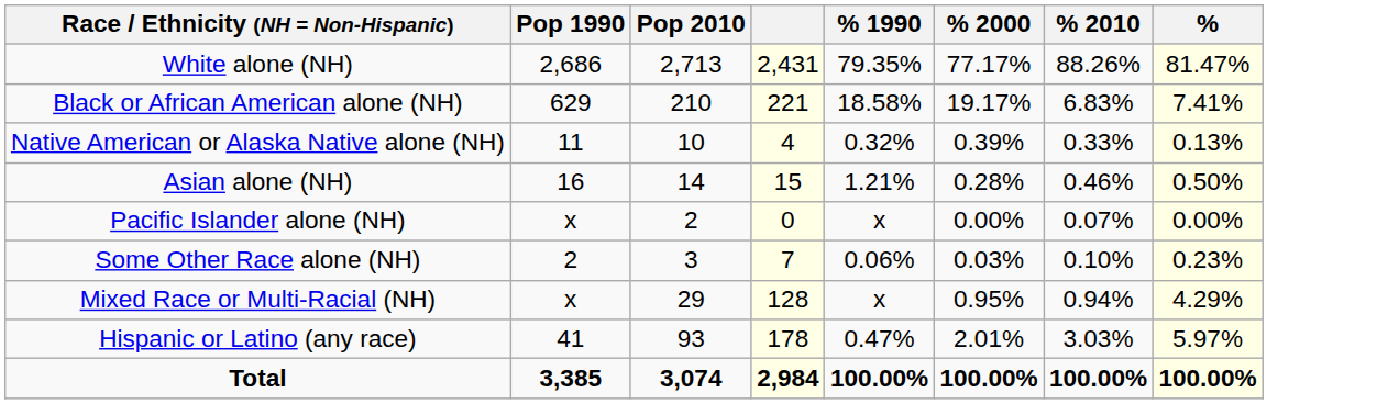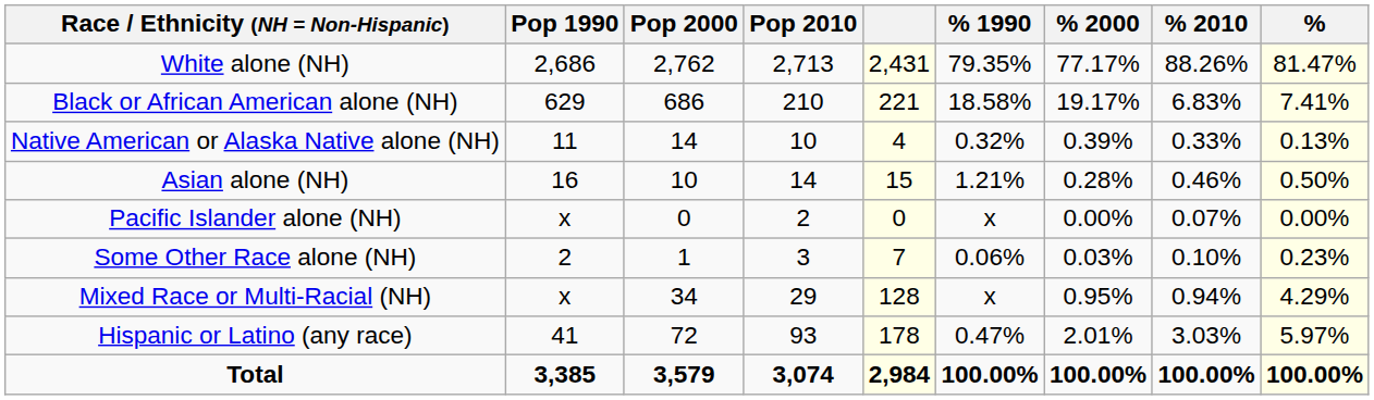 <table class="wikitable" style="text-align:center;">
 <tr>
 <th>Race / Ethnicity <small>(<em>NH = Non-Hispanic</em>)</small></th>
 <th>Pop 1990</th>
+<th>Pop 2000</th>
 <th>Pop 2010</th>
 <th></th>
 <th>% 1990</th>
 <th>% 2000</th>
 <th>% 2010</th>
 <th>% </th>
 </tr>
 <tr>
 <td><a href='#'>White</a> alone (NH)</td>
 <td>2,686</td>
+<td>2,762</td>
 <td>2,713</td>
 <td style='background: #ffffe6;'>2,431</td>
 <td>79.35%</td>
 <td>77.17%</td>
 <td>88.26%</td>
 <td style='background: #ffffe6;'>81.47%</td>
 </tr>
 <tr>
 <td><a href='#'>Black or African American</a> alone (NH)</td>
 <td>629</td>
+<td>686</td>
 <td>210</td>
 <td style='background: #ffffe6;'>221</td>
 <td>18.58%</td>
 <td>19.17%</td>
 <td>6.83%</td>
 <td style='background: #ffffe6;'>7.41%</td>
 </tr>
 <tr>
 <td><a href='#'>Native American</a> or <a href='#'>Alaska Native</a> alone (NH)</td>
 <td>11</td>
+<td>14</td>
 <td>10</td>
 <td style='background: #ffffe6;'>4</td>
 <td>0.32%</td>
 <td>0.39%</td>
 <td>0.33%</td>
 <td style='background: #ffffe6;'>0.13%</td>
 </tr>
 <tr>
 <td><a href='#'>Asian</a> alone (NH)</td>
 <td>16</td>
+<td>10</td>
 <td>14</td>
 <td style='background: #ffffe6;'>15</td>
 <td>1.21%</td>
 <td>0.28%</td>
 <td>0.46%</td>
 <td style='background: #ffffe6;'>0.50%</td>
 </tr>
 <tr>
 <td><a href='#'>Pacific Islander</a> alone (NH)</td>
 <td>x</td>
+<td>0</td>
 <td>2</td>
 <td style='background: #ffffe6;'>0</td>
 <td>x</td>
 <td>0.00%</td>
 <td>0.07%</td>
 <td style='background: #ffffe6;'>0.00%</td>
 </tr>
 <tr>
 <td><a href='#'>Some Other Race</a> alone (NH)</td>
 <td>2</td>
+<td>1</td>
 <td>3</td>
 <td style='background: #ffffe6;'>7</td>
 <td>0.06%</td>
 <td>0.03%</td>
 <td>0.10%</td>
 <td style='background: #ffffe6;'>0.23%</td>
 </tr>
 <tr>
 <td><a href='#'>Mixed Race or Multi-Racial</a> (NH)</td>
 <td>x</td>
+<td>34</td>
 <td>29</td>
 <td style='background: #ffffe6;'>128</td>
 <td>x</td>
 <td>0.95%</td>
 <td>0.94%</td>
 <td style='background: #ffffe6;'>4.29%</td>
 </tr>
 <tr>
 <td><a href='#'>Hispanic or Latino</a> (any race)</td>
 <td>41</td>
+<td>72</td>
 <td>93</td>
 <td style='background: #ffffe6;'>178</td>
 <td>0.47%</td>
 <td>2.01%</td>
 <td>3.03%</td>
 <td style='background: #ffffe6;'>5.97%</td>
 </tr>
 <tr>
 <td><strong>Total</strong></td>
 <td><strong>3,385</strong></td>
+<td><strong>3,579</strong></td>
 <td><strong>3,074</strong></td>
 <td style='background: #ffffe6;'><strong>2,984</strong></td>
 <td><strong>100.00%</strong></td>
 <td><strong>100.00%</strong></td>
 <td><strong>100.00%</strong></td>
 <td style='background: #ffffe6;'><strong>100.00%</strong></td>
 </tr>
 </table>
